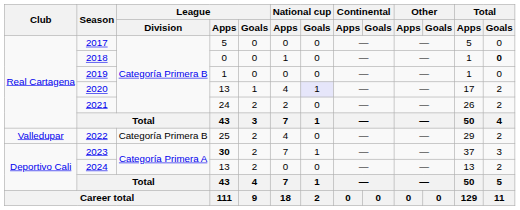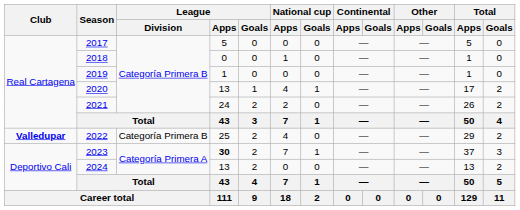 <table class="wikitable" style="text-align: center;">
 <tr>
 <th rowspan="2">Club</th>
 <th rowspan="2">Season</th>
 <th colspan="3">League</th>
 <th colspan="2">National cup</th>
 <th colspan="2">Continental</th>
 <th colspan="2">Other</th>
 <th colspan="2">Total</th>
 </tr>
 <tr>
 <th>Division</th>
 <th>Apps</th>
 <th>Goals</th>
 <th>Apps</th>
 <th>Goals</th>
 <th>Apps</th>
 <th>Goals</th>
 <th>Apps</th>
 <th>Goals</th>
 <th>Apps</th>
 <th>Goals</th>
 </tr>
 <tr>
 <td rowspan="6"><a href='#'>Real Cartagena</a></td>
 <td><a href='#'>2017</a></td>
 <td rowspan="5"><a href='#'>Categoría Primera B</a></td>
 <td>5</td>
 <td>0</td>
 <td>0</td>
 <td>0</td>
 <td colspan="2">—</td>
 <td colspan="2">—</td>
 <td>5</td>
 <td>0</td>
 </tr>
 <tr>
 <td><a href='#'>2018</a></td>
 <td>0</td>
 <td>0</td>
 <td>1</td>
 <td>0</td>
 <td colspan="2">—</td>
 <td colspan="2">—</td>
 <td>1</td>
-<td><strong>0</strong></td>
+<td>0</td>
 </tr>
 <tr>
 <td><a href='#'>2019</a></td>
 <td>1</td>
 <td>0</td>
 <td>0</td>
 <td>0</td>
 <td colspan="2">—</td>
 <td colspan="2">—</td>
 <td>1</td>
 <td>0</td>
 </tr>
 <tr>
 <td><a href='#'>2020</a></td>
 <td>13</td>
 <td>1</td>
 <td>4</td>
-<td style="background: lavender;">1</td>
+<td>1</td>
 <td colspan="2">—</td>
 <td colspan="2">—</td>
 <td>17</td>
 <td>2</td>
 </tr>
 <tr>
 <td><a href='#'>2021</a></td>
 <td>24</td>
 <td>2</td>
 <td>2</td>
 <td>0</td>
 <td colspan="2">—</td>
 <td colspan="2">—</td>
 <td>26</td>
 <td>2</td>
 </tr>
 <tr>
 <th colspan="2">Total</th>
 <th>43</th>
 <th>3</th>
 <th>7</th>
 <th>1</th>
 <th colspan="2">—</th>
 <th colspan="2">—</th>
 <th>50</th>
 <th>4</th>
 </tr>
 <tr>
-<td><a href='#'>Valledupar</a></td>
+<td><strong><a href='#'>Valledupar</a></strong></td>
 <td><a href='#'>2022</a></td>
 <td>Categoría Primera B</td>
 <td>25</td>
 <td>2</td>
 <td>4</td>
 <td>0</td>
 <td colspan="2">—</td>
 <td colspan="2">—</td>
 <td>29</td>
 <td>2</td>
 </tr>
 <tr>
 <td rowspan="3"><a href='#'>Deportivo Cali</a></td>
 <td><a href='#'>2023</a></td>
 <td rowspan="2"><a href='#'>Categoría Primera A</a></td>
 <td><strong>30</strong></td>
 <td>2</td>
 <td>7</td>
 <td>1</td>
 <td colspan="2">—</td>
 <td colspan="2">—</td>
 <td>37</td>
 <td>3</td>
 </tr>
 <tr>
 <td><a href='#'>2024</a></td>
 <td>13</td>
 <td>2</td>
 <td>0</td>
 <td>0</td>
 <td colspan="2">—</td>
 <td colspan="2">—</td>
 <td>13</td>
 <td>2</td>
 </tr>
 <tr>
 <th colspan="2">Total</th>
 <th>43</th>
 <th>4</th>
 <th>7</th>
 <th>1</th>
 <th colspan="2">—</th>
 <th colspan="2">—</th>
 <th>50</th>
 <th>5</th>
 </tr>
 <tr>
 <th colspan="3">Career total</th>
 <th>111</th>
 <th>9</th>
 <th>18</th>
 <th>2</th>
 <th>0</th>
 <th>0</th>
 <th>0</th>
 <th>0</th>
 <th>129</th>
 <th>11</th>
 </tr>
 </table>
